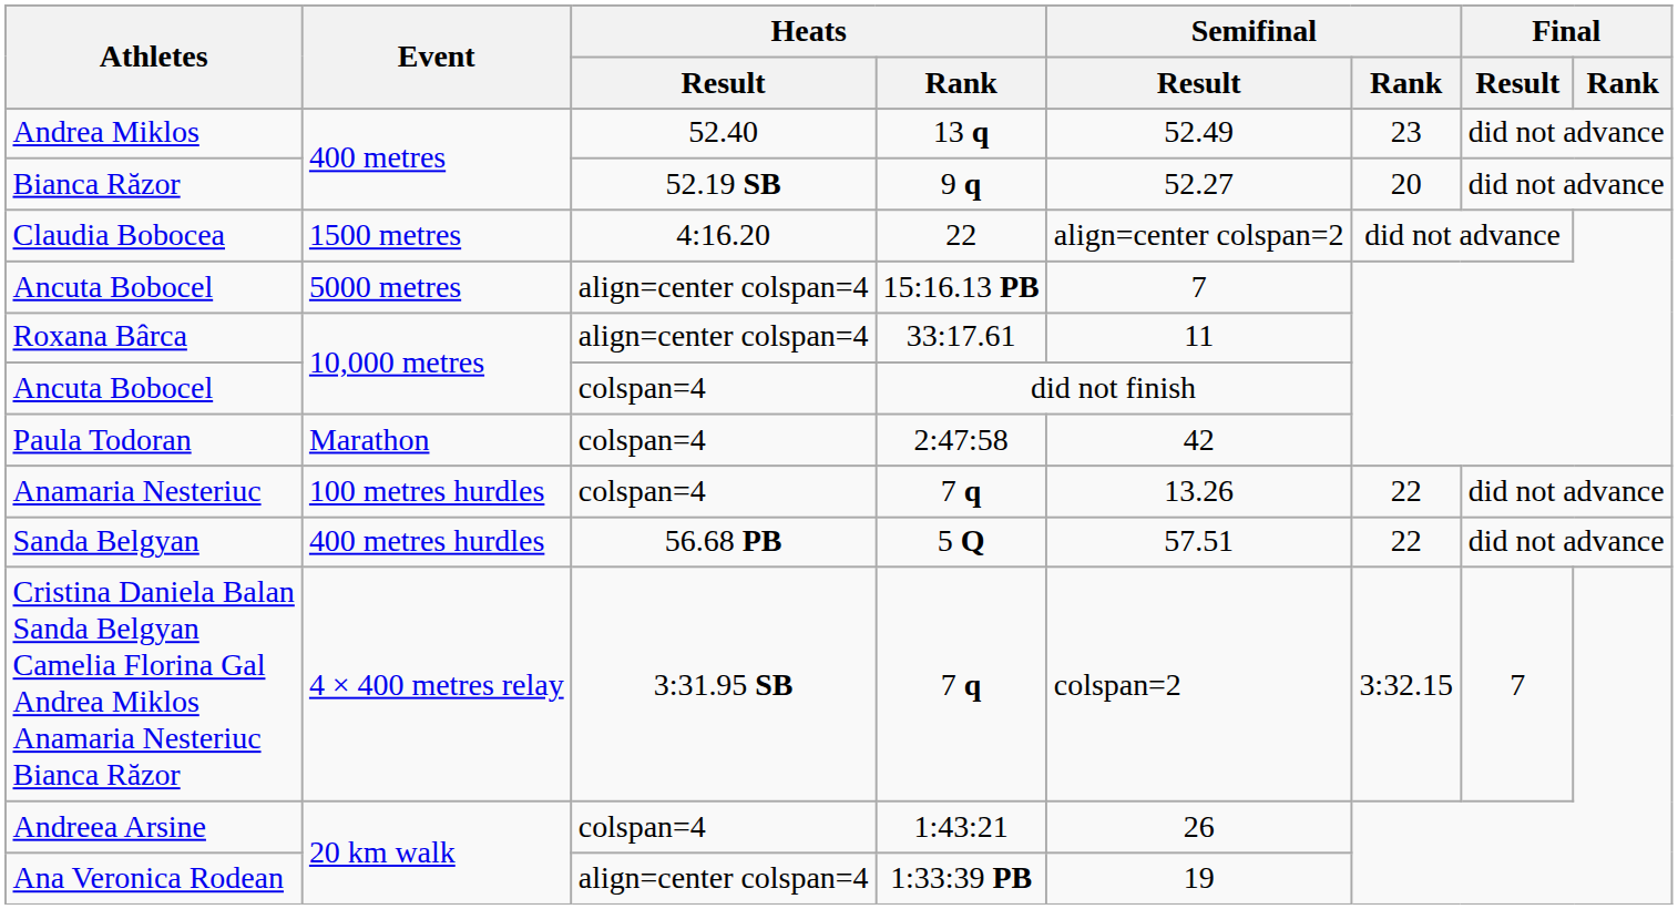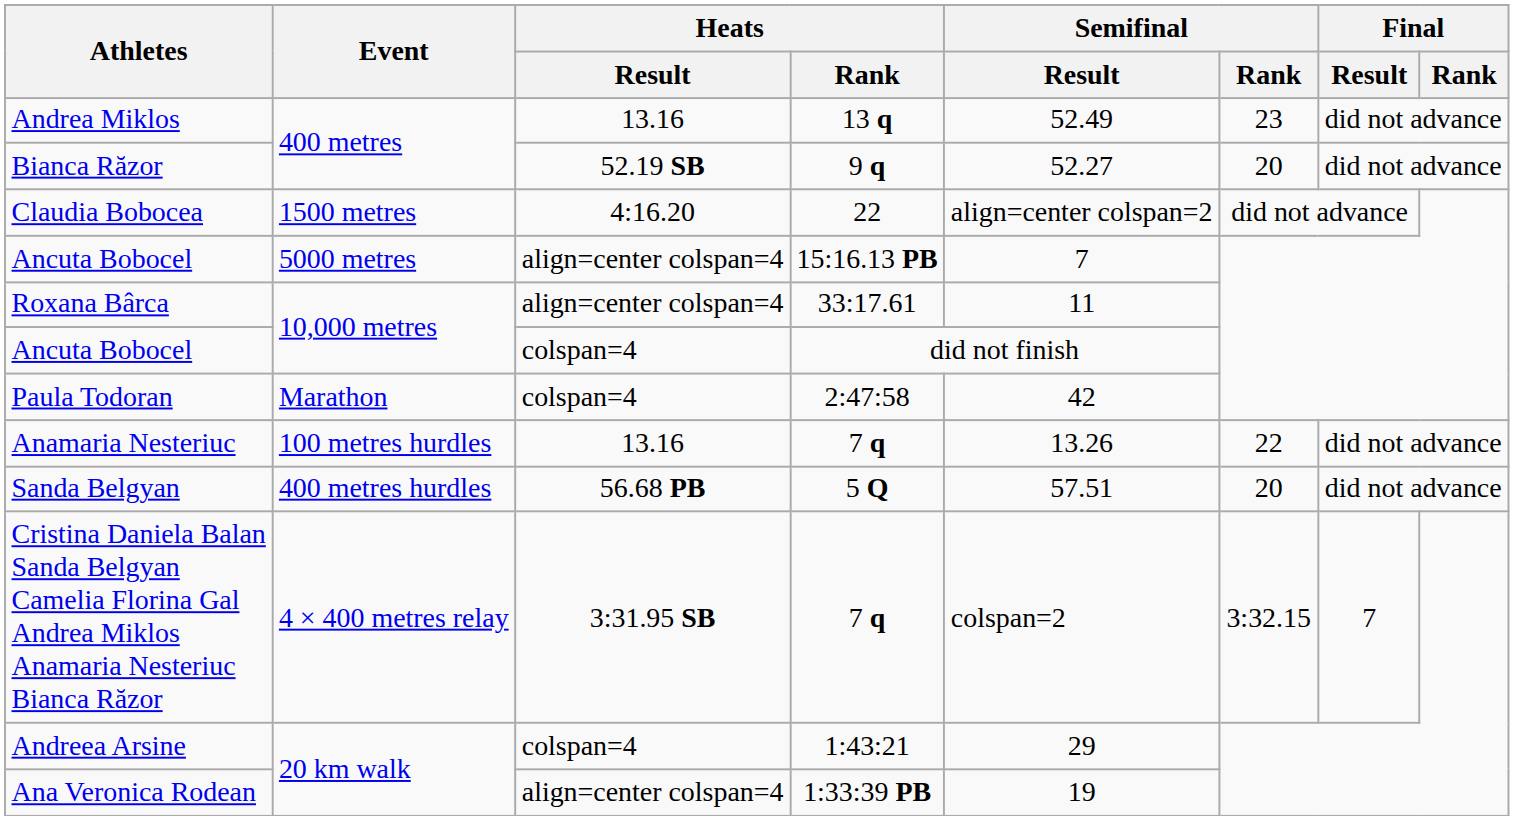 <table class="wikitable" border="1" style="font-size:90%">
 <tr>
 <th rowspan="2">Athletes</th>
 <th rowspan="2">Event</th>
 <th colspan="2">Heats</th>
 <th colspan="2">Semifinal</th>
 <th colspan="2">Final</th>
 </tr>
 <tr>
 <th>Result</th>
 <th>Rank</th>
 <th>Result</th>
 <th>Rank</th>
 <th>Result</th>
 <th>Rank</th>
 </tr>
 <tr>
 <td><a href='#'>Andrea Miklos</a></td>
 <td rowspan=2><a href='#'>400 metres</a></td>
-<td align=center>52.40</td>
+<td align=center>13.16</td>
 <td align=center>13 <strong>q</strong></td>
 <td align=center>52.49</td>
 <td align=center>23</td>
 <td align=center colspan=2>did not advance</td>
 </tr>
 <tr>
 <td><a href='#'>Bianca Răzor</a></td>
 <td align=center>52.19 <strong>SB</strong></td>
 <td align=center>9 <strong>q</strong></td>
 <td align=center>52.27</td>
 <td align=center>20</td>
 <td align=center colspan=2>did not advance</td>
 </tr>
 <tr>
 <td><a href='#'>Claudia Bobocea</a></td>
 <td><a href='#'>1500 metres</a></td>
 <td align=center>4:16.20</td>
 <td align=center>22</td>
 <td>align=center colspan=2</td>
 <td align=center colspan=2>did not advance</td>
 </tr>
 <tr>
 <td><a href='#'>Ancuta Bobocel</a></td>
 <td><a href='#'>5000 metres</a></td>
 <td>align=center colspan=4</td>
 <td align=center>15:16.13 <strong>PB</strong></td>
 <td align=center>7</td>
 </tr>
 <tr>
 <td><a href='#'>Roxana Bârca</a></td>
 <td rowspan=2><a href='#'>10,000 metres</a></td>
 <td>align=center colspan=4</td>
 <td align=center>33:17.61</td>
 <td align=center>11</td>
 </tr>
 <tr>
 <td><a href='#'>Ancuta Bobocel</a></td>
 <td>colspan=4</td>
 <td align=center colspan=2>did not finish</td>
 </tr>
 <tr>
 <td><a href='#'>Paula Todoran</a></td>
 <td><a href='#'>Marathon</a></td>
 <td>colspan=4</td>
 <td align=center>2:47:58</td>
 <td align=center>42</td>
 </tr>
 <tr>
 <td><a href='#'>Anamaria Nesteriuc</a></td>
 <td><a href='#'>100 metres hurdles</a></td>
-<td>colspan=4</td>
+<td align=center>13.16</td>
 <td align=center>7 <strong>q</strong></td>
 <td align=center>13.26</td>
 <td align=center>22</td>
 <td align=center colspan=2>did not advance</td>
 </tr>
 <tr>
 <td><a href='#'>Sanda Belgyan</a></td>
 <td><a href='#'>400 metres hurdles</a></td>
 <td align=center>56.68 <strong>PB</strong></td>
 <td align=center>5 <strong>Q</strong></td>
 <td align=center>57.51</td>
-<td align=center>22</td>
+<td align=center>20</td>
 <td align=center colspan=2>did not advance</td>
 </tr>
 <tr>
 <td><a href='#'>Cristina Daniela Balan</a><br><a href='#'>Sanda Belgyan</a><br><a href='#'>Camelia Florina Gal</a><br><a href='#'>Andrea Miklos</a><br><a href='#'>Anamaria Nesteriuc</a><br><a href='#'>Bianca Răzor</a></td>
 <td><a href='#'>4 × 400 metres relay</a></td>
 <td align=center>3:31.95 <strong>SB</strong></td>
 <td align=center>7 <strong>q</strong></td>
 <td>colspan=2</td>
 <td align=center>3:32.15</td>
 <td align=center>7</td>
 </tr>
 <tr>
 <td><a href='#'>Andreea Arsine</a></td>
 <td rowspan=2><a href='#'>20 km walk</a></td>
 <td>colspan=4</td>
 <td align=center>1:43:21</td>
-<td align=center>26</td>
+<td align=center>29</td>
 </tr>
 <tr>
 <td><a href='#'>Ana Veronica Rodean</a></td>
 <td>align=center colspan=4</td>
 <td align=center>1:33:39 <strong>PB</strong></td>
 <td align=center>19</td>
 </tr>
 </table>
